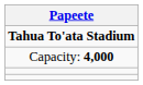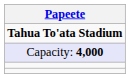 <table class=wikitable style="margin:1em auto; text-align:center;">
 <tr>
 <th><a href='#'>Papeete</a></th>
 </tr>
 <tr>
 <td><strong>Tahua To'ata Stadium</strong></td>
 </tr>
 <tr>
-<td>Capacity: <strong>4,000</strong></td>
+<td style="background: lavender;">Capacity: <strong>4,000</strong></td>
 </tr>
 <tr>
 <td></td>
 </tr>
 <tr>
 <td></td>
 </tr>
 </table>
